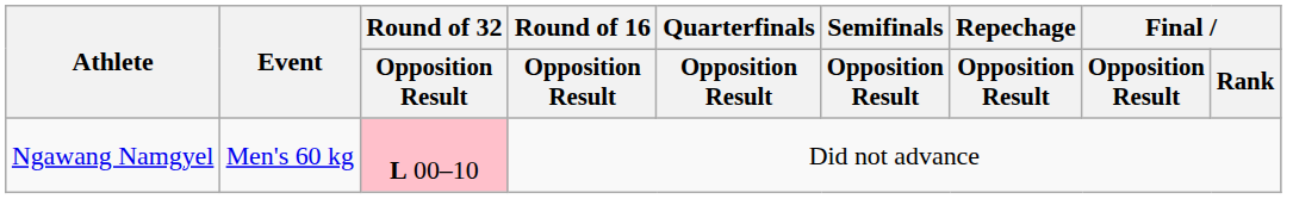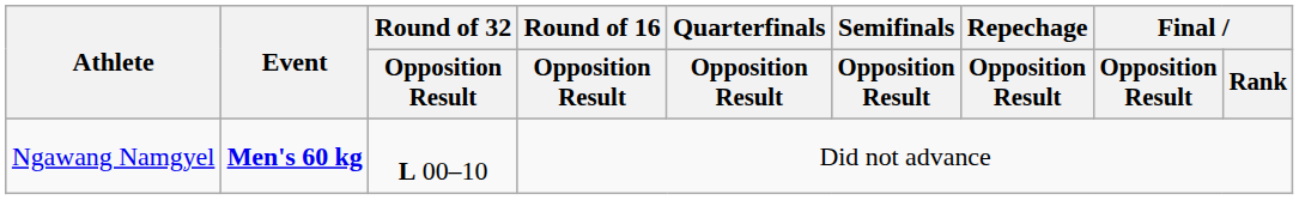 <table class="wikitable" style="font-size:90%">
 <tr>
 <th rowspan="2">Athlete</th>
 <th rowspan="2">Event</th>
 <th>Round of 32</th>
 <th>Round of 16</th>
 <th>Quarterfinals</th>
 <th>Semifinals</th>
 <th>Repechage</th>
 <th colspan=2>Final / </th>
 </tr>
 <tr style="font-size:95%">
 <th>Opposition<br>Result</th>
 <th>Opposition<br>Result</th>
 <th>Opposition<br>Result</th>
 <th>Opposition<br>Result</th>
 <th>Opposition<br>Result</th>
 <th>Opposition<br>Result</th>
 <th>Rank</th>
 </tr>
 <tr align=center>
 <td align=left><a href='#'>Ngawang Namgyel</a></td>
-<td align=left><a href='#'>Men's 60 kg</a></td>
-<td style="background: pink;"><br><strong>L</strong> 00–10</td>
+<td align=left><strong><a href='#'>Men's 60 kg</a></strong></td>
+<td><br><strong>L</strong> 00–10</td>
 <td colspan="6">Did not advance</td>
 </tr>
 </table>
